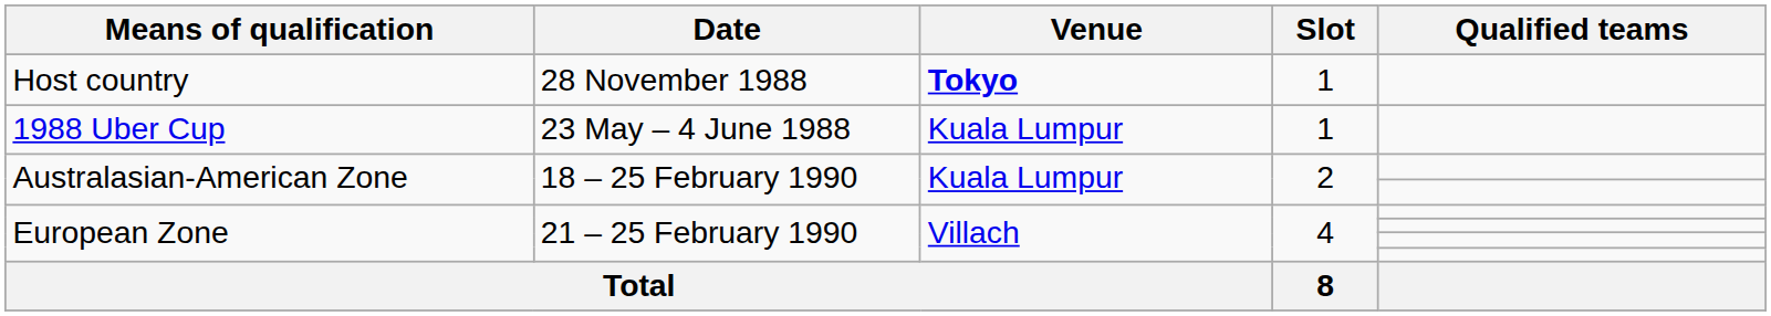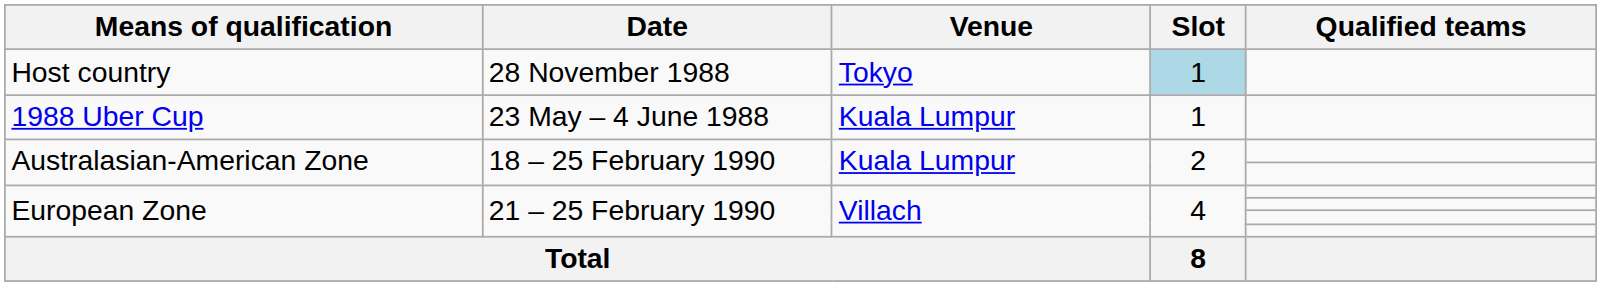 <table class="wikitable" width="900">
 <tr>
 <th width="30%">Means of qualification</th>
 <th width="22%">Date</th>
 <th width="20%">Venue</th>
 <th width="6%">Slot</th>
 <th width="22%">Qualified teams</th>
 </tr>
 <tr>
 <td>Host country</td>
 <td>28 November 1988</td>
-<td><strong><a href='#'>Tokyo</a></strong></td>
-<td align="center">1</td>
+<td><a href='#'>Tokyo</a></td>
+<td align="center" style="background: lightblue;">1</td>
 <td></td>
 </tr>
 <tr>
 <td><a href='#'>1988 Uber Cup</a></td>
 <td>23 May – 4 June 1988</td>
 <td><a href='#'>Kuala Lumpur</a></td>
 <td align="center">1</td>
 <td></td>
 </tr>
 <tr>
 <td rowspan="2">Australasian-American Zone</td>
 <td rowspan="2">18 – 25 February 1990</td>
 <td rowspan="2"><a href='#'>Kuala Lumpur</a></td>
 <td rowspan="2" align="center">2</td>
 <td></td>
 </tr>
 <tr>
 <td></td>
 </tr>
 <tr>
 <td rowspan="4">European Zone</td>
 <td rowspan="4">21 – 25 February 1990</td>
 <td rowspan="4"><a href='#'>Villach</a></td>
 <td rowspan="4" align="center">4</td>
 <td></td>
 </tr>
 <tr>
 <td></td>
 </tr>
 <tr>
 <td></td>
 </tr>
 <tr>
 <td></td>
 </tr>
 <tr>
 <th colspan="3">Total</th>
 <th>8</th>
 <th></th>
 </tr>
 </table>
